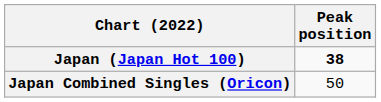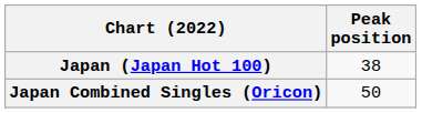 <table class="wikitable sortable plainrowheaders" style="text-align:center">
 <tr>
 <th scope="col">Chart (2022)</th>
 <th scope="col">Peak<br>position</th>
 </tr>
 <tr>
 <th scope="row">Japan (<a href='#'>Japan Hot 100</a>)</th>
-<td><strong>38</strong></td>
+<td>38</td>
 </tr>
 <tr>
 <th scope="row">Japan Combined Singles (<a href='#'>Oricon</a>)</th>
 <td>50</td>
 </tr>
 </table>
